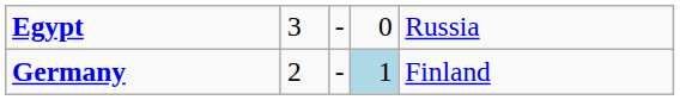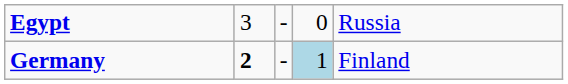 <table class="wikitable">
 <tr>
 <td width=150> <strong><a href='#'>Egypt</a></strong></td>
 <td style="width:20px; text-align:left;">3</td>
 <td>-</td>
 <td style="width:20px; text-align:right;">0</td>
 <td width=150> <a href='#'>Russia</a></td>
 </tr>
 <tr>
 <td> <strong><a href='#'>Germany</a></strong></td>
-<td style="text-align:left;">2</td>
+<td style="text-align:left;"><strong>2</strong></td>
 <td>-</td>
 <td style="background: lightblue; text-align:right;">1</td>
 <td> <a href='#'>Finland</a></td>
 </tr>
 </table>
